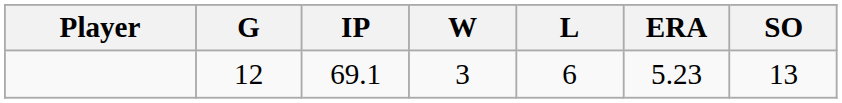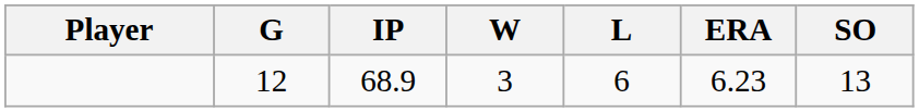 <table class="wikitable sortable">
 <tr>
 <th bgcolor="#DDDDFF" width="16%">Player</th>
 <th bgcolor="#DDDDFF" width="9%">G</th>
 <th bgcolor="#DDDDFF" width="9%">IP</th>
 <th bgcolor="#DDDDFF" width="9%">W</th>
 <th bgcolor="#DDDDFF" width="9%">L</th>
 <th bgcolor="#DDDDFF" width="9%">ERA</th>
 <th bgcolor="#DDDDFF" width="9%">SO</th>
 </tr>
 <tr align="center">
 <td></td>
 <td>12</td>
-<td>69.1</td>
+<td>68.9</td>
 <td>3</td>
 <td>6</td>
-<td>5.23</td>
+<td>6.23</td>
 <td>13</td>
 </tr>
 </table>
